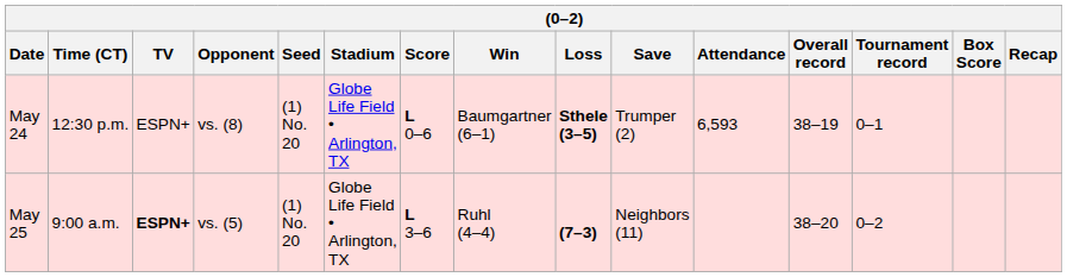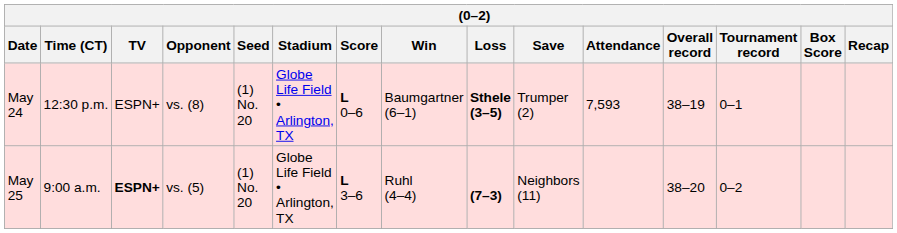 <table class="wikitable collapsible collapsed" style="margin:auto; font-size:95%; width:100%">
 <tr>
 <th colspan=15 style="padding-left:4em;"> (0–2)</th>
 </tr>
 <tr>
 <th>Date</th>
 <th>Time (CT)</th>
 <th>TV</th>
 <th>Opponent</th>
 <th>Seed</th>
 <th>Stadium</th>
 <th>Score</th>
 <th>Win</th>
 <th>Loss</th>
 <th>Save</th>
 <th>Attendance</th>
 <th>Overall record</th>
 <th>Tournament record</th>
 <th>Box Score</th>
 <th>Recap</th>
 </tr>
 <tr bgcolor= ffdddd>
 <td>May 24</td>
 <td>12:30 p.m.</td>
 <td>ESPN+</td>
 <td>vs. (8) </td>
 <td>(1) No. 20</td>
 <td><a href='#'>Globe Life Field</a> • <a href='#'>Arlington, TX</a></td>
 <td><strong>L</strong><br>0–6</td>
 <td>Baumgartner<br>(6–1)</td>
 <td><strong>Sthele<br>(3–5)</strong></td>
 <td>Trumper<br>(2)</td>
-<td>6,593</td>
+<td>7,593</td>
 <td>38–19</td>
 <td>0–1</td>
 <td></td>
 <td></td>
 </tr>
 <tr bgcolor= ffdddd>
 <td>May 25</td>
 <td>9:00 a.m.</td>
 <td><strong>ESPN+</strong></td>
 <td>vs. (5) </td>
 <td>(1) No. 20</td>
 <td>Globe Life Field • Arlington, TX</td>
 <td><strong>L</strong><br>3–6</td>
 <td>Ruhl<br>(4–4)</td>
 <td><strong><br>(7–3)</strong></td>
 <td>Neighbors<br>(11)</td>
 <td></td>
 <td>38–20</td>
 <td>0–2</td>
 <td></td>
 <td></td>
 </tr>
 </table>
